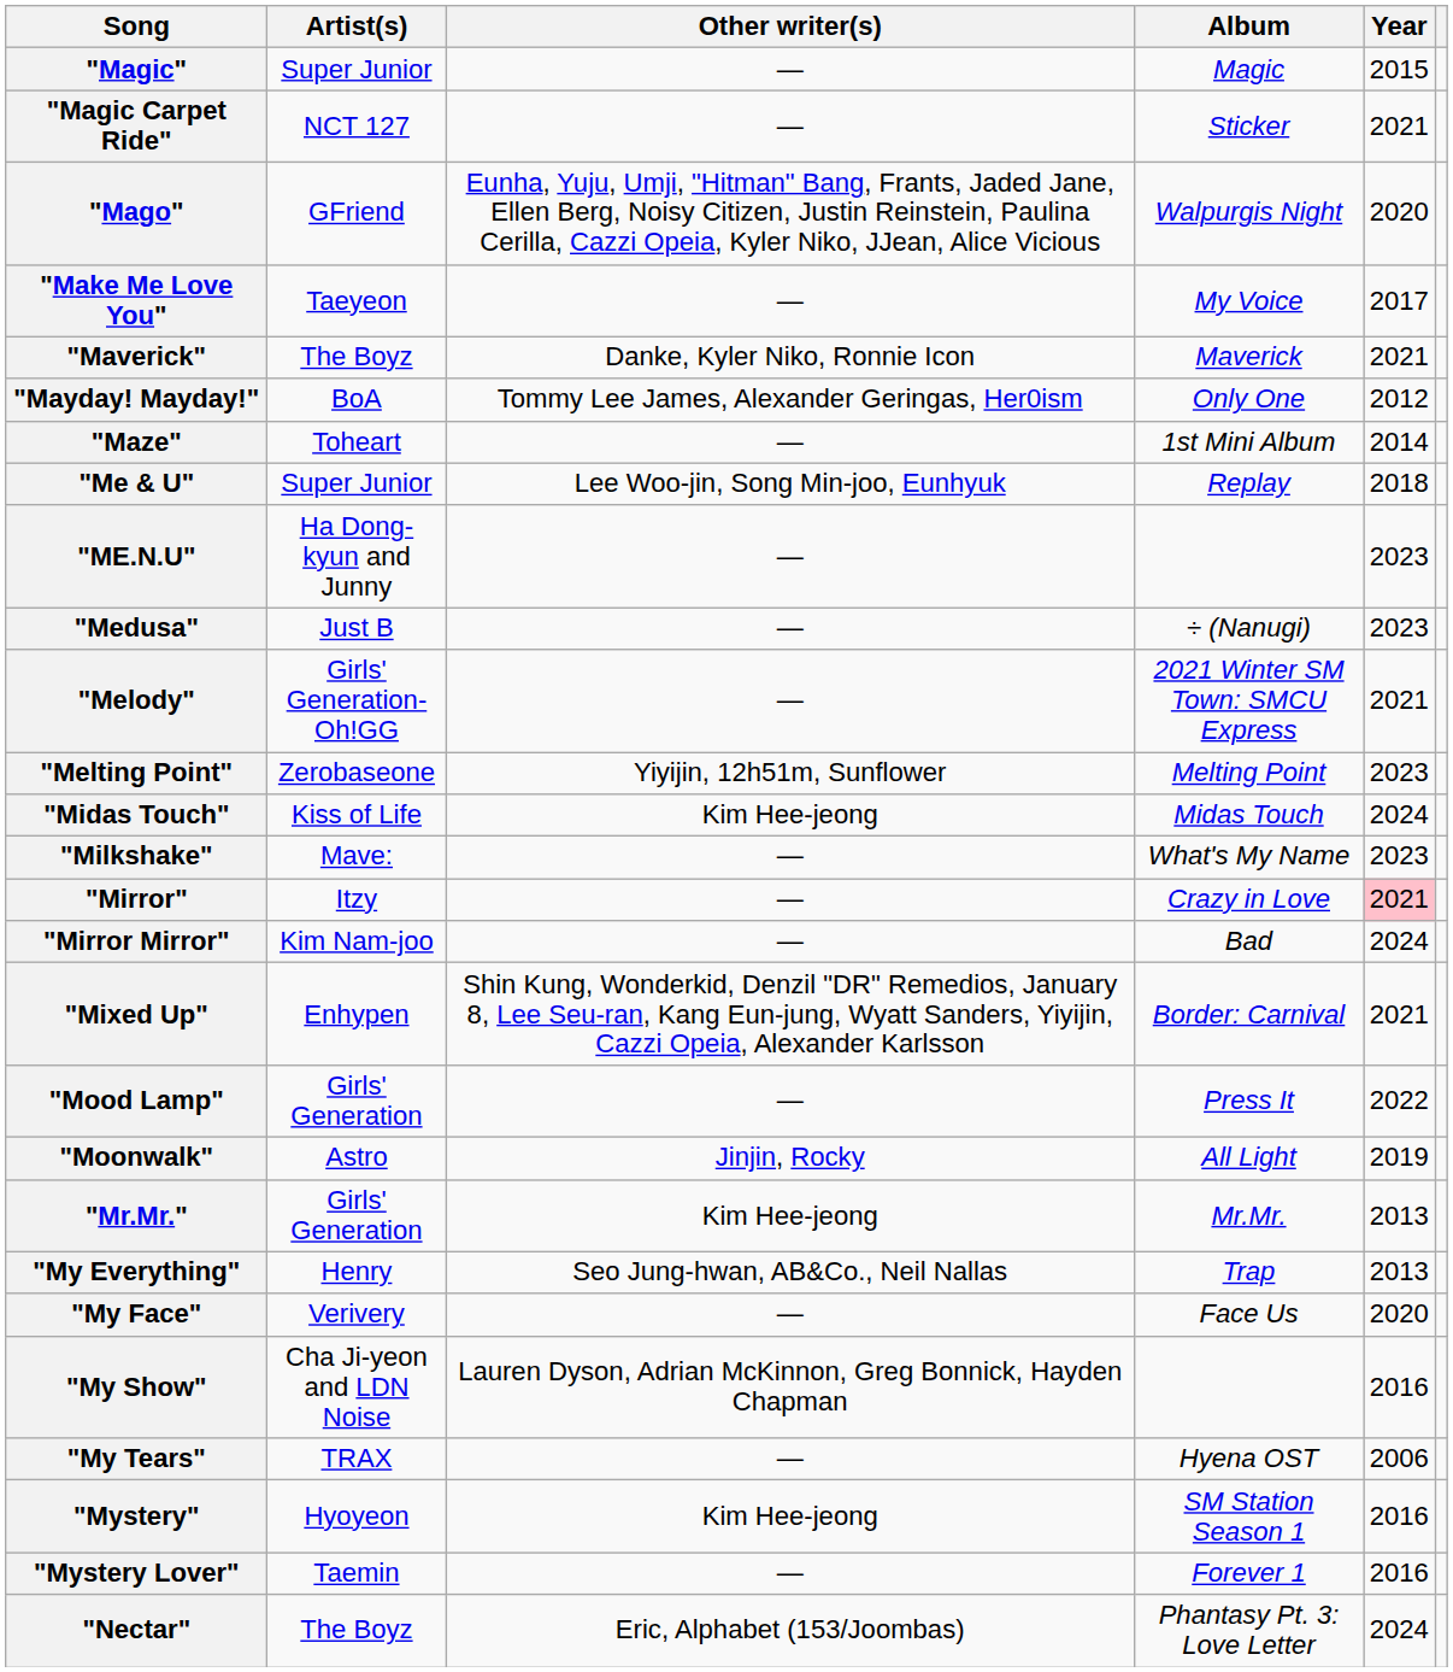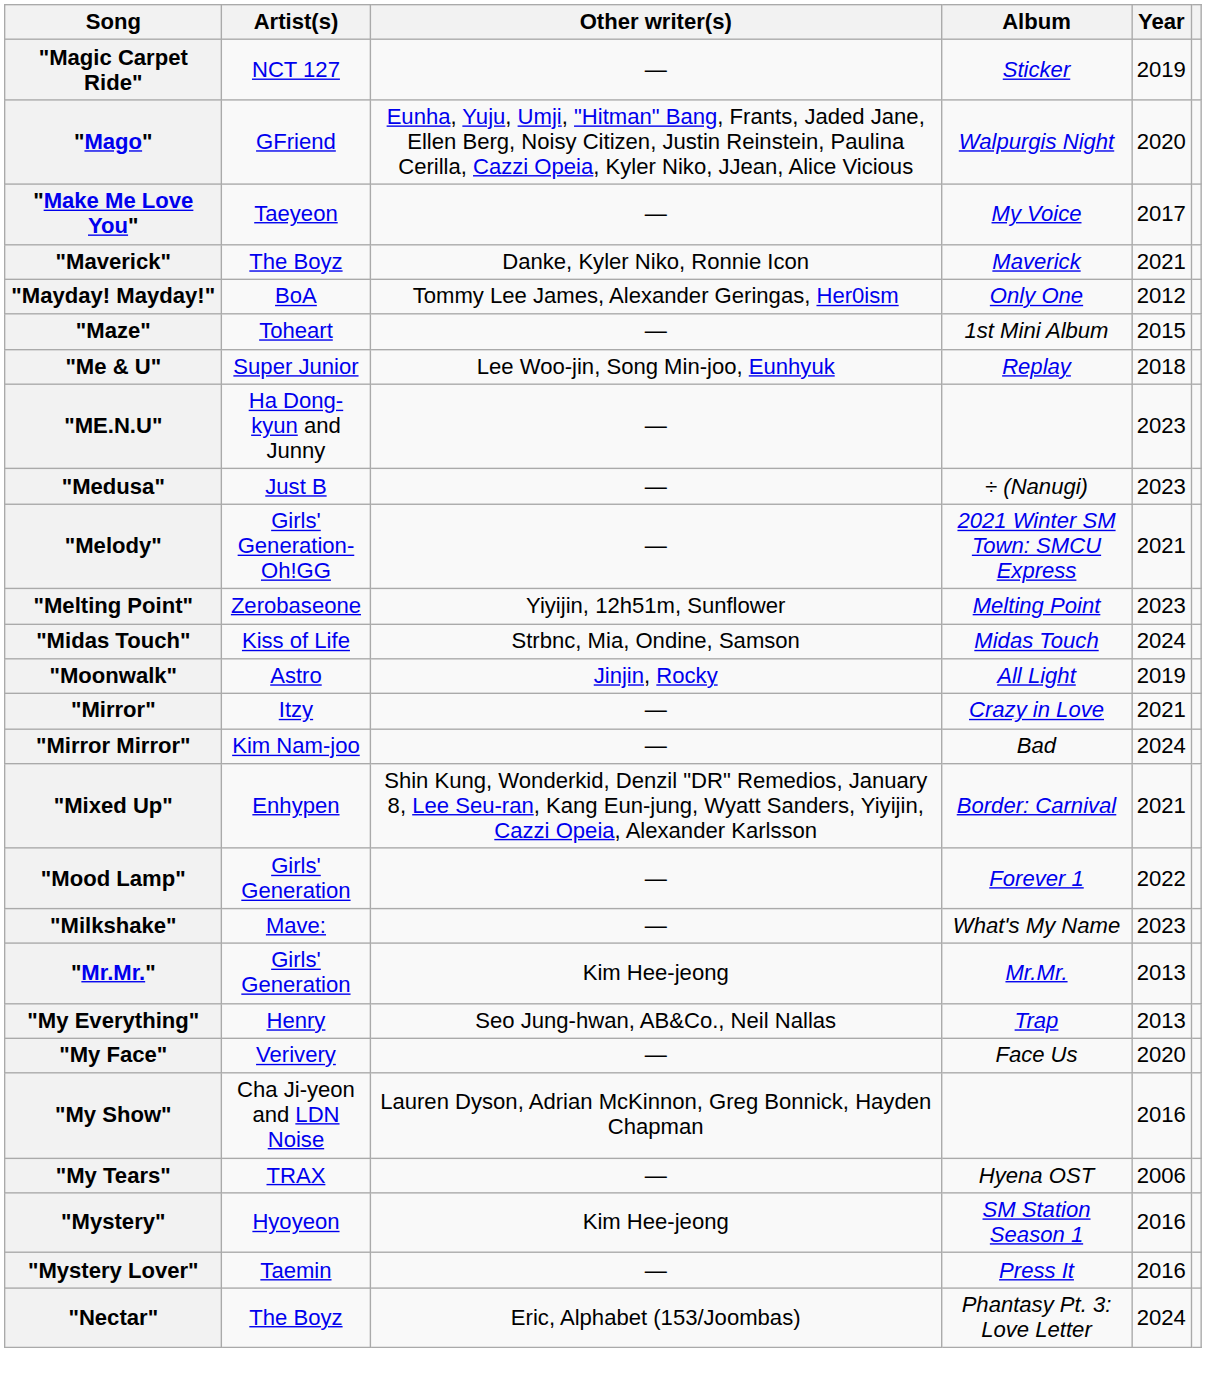 <table class="wikitable sortable plainrowheaders" style="text-align:center;">
 <tr>
 <th scope="col" width="150">Song</th>
 <th scope="col" width="100">Artist(s)</th>
 <th scope="col" class="unsortable">Other writer(s)</th>
 <th scope="col" data-sort-type="text">Album</th>
 <th scope="col">Year</th>
 <th scope="col" class="unsortable"></th>
 </tr>
 <tr>
-<th scope="row">"<a href='#'>Magic</a>"</th>
-<td><a href='#'>Super Junior</a></td>
-<td>—</td>
-<td><em><a href='#'>Magic</a></em></td>
-<td>2015</td>
-<td style="text-align:center;"></td>
-</tr>
-<tr>
 <th scope="row">"Magic Carpet Ride"</th>
 <td><a href='#'>NCT 127</a></td>
 <td>—</td>
 <td><em><a href='#'>Sticker</a></em></td>
-<td>2021</td>
+<td>2019</td>
 <td style="text-align:center;"></td>
 </tr>
 <tr>
 <th scope="row">"<a href='#'>Mago</a>"</th>
 <td><a href='#'>GFriend</a></td>
 <td><a href='#'>Eunha</a>, <a href='#'>Yuju</a>, <a href='#'>Umji</a>, <a href='#'>"Hitman" Bang</a>, Frants, Jaded Jane, Ellen Berg, Noisy Citizen, Justin Reinstein, Paulina Cerilla, <a href='#'>Cazzi Opeia</a>, Kyler Niko, JJean, Alice Vicious</td>
 <td><em><a href='#'>Walpurgis Night</a></em></td>
 <td>2020</td>
 <td style="text-align:center;"></td>
 </tr>
 <tr>
 <th scope="row">"<a href='#'>Make Me Love You</a>"</th>
 <td><a href='#'>Taeyeon</a></td>
 <td>—</td>
 <td><em><a href='#'>My Voice</a></em></td>
 <td>2017</td>
 <td style="text-align:center;"></td>
 </tr>
 <tr>
 <th scope="row">"Maverick"</th>
 <td><a href='#'>The Boyz</a></td>
 <td>Danke, Kyler Niko, Ronnie Icon</td>
 <td><em><a href='#'>Maverick</a></em></td>
 <td>2021</td>
 <td style="text-align:center;"></td>
 </tr>
 <tr>
 <th scope="row">"Mayday! Mayday!"</th>
 <td><a href='#'>BoA</a></td>
 <td>Tommy Lee James, Alexander Geringas, <a href='#'>Her0ism</a></td>
 <td><em><a href='#'>Only One</a></em></td>
 <td>2012</td>
 <td style="text-align:center;"></td>
 </tr>
 <tr>
 <th scope="row">"Maze"</th>
 <td><a href='#'>Toheart</a></td>
 <td>—</td>
 <td><em>1st Mini Album</em></td>
-<td>2014</td>
+<td>2015</td>
 <td style="text-align:center;"></td>
 </tr>
 <tr>
 <th scope="row">"Me & U"</th>
 <td><a href='#'>Super Junior</a></td>
 <td>Lee Woo-jin, Song Min-joo, <a href='#'>Eunhyuk</a></td>
 <td><em><a href='#'>Replay</a></em></td>
 <td>2018</td>
 <td style="text-align:center;"></td>
 </tr>
 <tr>
 <th scope="row">"ME.N.U"</th>
 <td><a href='#'>Ha Dong-kyun</a> and Junny</td>
 <td>—</td>
 <td></td>
 <td>2023</td>
 <td style="text-align:center;"></td>
 </tr>
 <tr>
 <th scope="row">"Medusa"</th>
 <td><a href='#'>Just B</a></td>
 <td>—</td>
 <td><em>÷ (Nanugi)</em></td>
 <td>2023</td>
 <td style="text-align:center;"></td>
 </tr>
 <tr>
 <th scope="row">"Melody"</th>
 <td><a href='#'>Girls' Generation-Oh!GG</a></td>
 <td>—</td>
 <td><em><a href='#'>2021 Winter SM Town: SMCU Express</a></em></td>
 <td>2021</td>
 <td style="text-align:center;"></td>
 </tr>
 <tr>
 <th scope="row">"Melting Point"</th>
 <td><a href='#'>Zerobaseone</a></td>
 <td>Yiyijin, 12h51m, Sunflower</td>
 <td><em><a href='#'>Melting Point</a></em></td>
 <td>2023</td>
 <td style="text-align:center;"></td>
 </tr>
 <tr>
 <th scope="row">"Midas Touch"</th>
 <td><a href='#'>Kiss of Life</a></td>
-<td>Kim Hee-jeong</td>
+<td>Strbnc, Mia, Ondine, Samson</td>
 <td><em><a href='#'>Midas Touch</a></em></td>
 <td>2024</td>
 <td style="text-align:center;"></td>
 </tr>
 <tr>
-<th scope="row">"Milkshake"</th>
-<td><a href='#'>Mave:</a></td>
-<td>—</td>
-<td><em>What's My Name</em></td>
-<td>2023</td>
+<th scope="row">"Moonwalk"</th>
+<td><a href='#'>Astro</a></td>
+<td><a href='#'>Jinjin</a>, <a href='#'>Rocky</a></td>
+<td><em><a href='#'>All Light</a></em></td>
+<td>2019</td>
 <td style="text-align:center;"></td>
 </tr>
 <tr>
 <th scope="row">"Mirror"</th>
 <td><a href='#'>Itzy</a></td>
 <td>—</td>
 <td><em><a href='#'>Crazy in Love</a></em></td>
-<td style="background: pink;">2021</td>
+<td>2021</td>
 <td style="text-align:center;"></td>
 </tr>
 <tr>
 <th scope="row">"Mirror Mirror"</th>
 <td><a href='#'>Kim Nam-joo</a></td>
 <td>—</td>
 <td><em>Bad</em></td>
 <td>2024</td>
 <td style="text-align:center;"></td>
 </tr>
 <tr>
 <th scope="row">"Mixed Up"</th>
 <td><a href='#'>Enhypen</a></td>
 <td>Shin Kung, Wonderkid, Denzil "DR" Remedios, January 8, <a href='#'>Lee Seu-ran</a>, Kang Eun-jung, Wyatt Sanders, Yiyijin, <a href='#'>Cazzi Opeia</a>, Alexander Karlsson</td>
 <td><em><a href='#'>Border: Carnival</a></em></td>
 <td>2021</td>
 <td style="text-align:center;"></td>
 </tr>
 <tr>
 <th scope="row">"Mood Lamp"</th>
 <td><a href='#'>Girls' Generation</a></td>
 <td>—</td>
-<td><em><a href='#'>Press It</a></em></td>
+<td><em><a href='#'>Forever 1</a></em></td>
 <td>2022</td>
 <td style="text-align:center;"></td>
 </tr>
 <tr>
-<th scope="row">"Moonwalk"</th>
-<td><a href='#'>Astro</a></td>
-<td><a href='#'>Jinjin</a>, <a href='#'>Rocky</a></td>
-<td><em><a href='#'>All Light</a></em></td>
-<td>2019</td>
+<th scope="row">"Milkshake"</th>
+<td><a href='#'>Mave:</a></td>
+<td>—</td>
+<td><em>What's My Name</em></td>
+<td>2023</td>
 <td style="text-align:center;"></td>
 </tr>
 <tr>
 <th scope="row">"<a href='#'>Mr.Mr.</a>"</th>
 <td><a href='#'>Girls' Generation</a></td>
 <td>Kim Hee-jeong</td>
 <td><em><a href='#'>Mr.Mr.</a></em></td>
 <td>2013</td>
 <td style="text-align:center;"></td>
 </tr>
 <tr>
 <th scope="row">"My Everything"</th>
 <td><a href='#'>Henry</a></td>
 <td>Seo Jung-hwan, AB&Co., Neil Nallas</td>
 <td><em><a href='#'>Trap</a></em></td>
 <td>2013</td>
 <td style="text-align:center;"></td>
 </tr>
 <tr>
 <th scope="row">"My Face"</th>
 <td><a href='#'>Verivery</a></td>
 <td>—</td>
 <td><em>Face Us</em></td>
 <td>2020</td>
 <td style="text-align:center;"></td>
 </tr>
 <tr>
 <th scope="row">"My Show"</th>
 <td>Cha Ji-yeon and <a href='#'>LDN Noise</a></td>
 <td>Lauren Dyson, Adrian McKinnon, Greg Bonnick, Hayden Chapman</td>
 <td></td>
 <td>2016</td>
 <td style="text-align:center;"></td>
 </tr>
 <tr>
 <th scope="row">"My Tears"</th>
 <td><a href='#'>TRAX</a></td>
 <td>—</td>
 <td><em>Hyena OST</em></td>
 <td>2006</td>
 <td style="text-align:center;"></td>
 </tr>
 <tr>
 <th scope="row">"Mystery"</th>
 <td><a href='#'>Hyoyeon</a></td>
 <td>Kim Hee-jeong</td>
 <td><em><a href='#'>SM Station Season 1</a></em></td>
 <td>2016</td>
 <td style="text-align:center;"></td>
 </tr>
 <tr>
 <th scope="row">"Mystery Lover"</th>
 <td><a href='#'>Taemin</a></td>
 <td>—</td>
-<td><em><a href='#'>Forever 1</a></em></td>
+<td><em><a href='#'>Press It</a></em></td>
 <td>2016</td>
 <td style="text-align:center;"></td>
 </tr>
 <tr>
 <th scope="row">"Nectar"</th>
 <td><a href='#'>The Boyz</a></td>
 <td>Eric, Alphabet (153/Joombas)</td>
 <td><em>Phantasy Pt. 3: Love Letter</em></td>
 <td>2024</td>
 <td style="text-align:center;"></td>
 </tr>
 </table>
